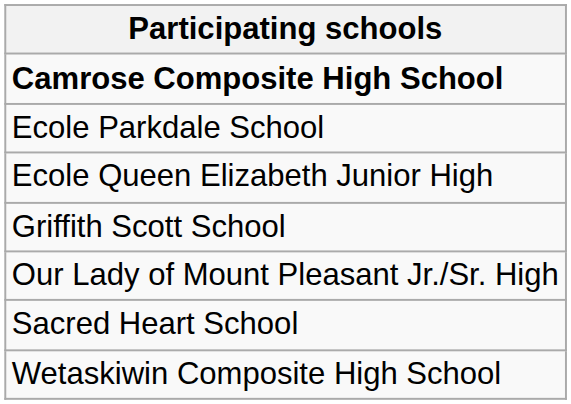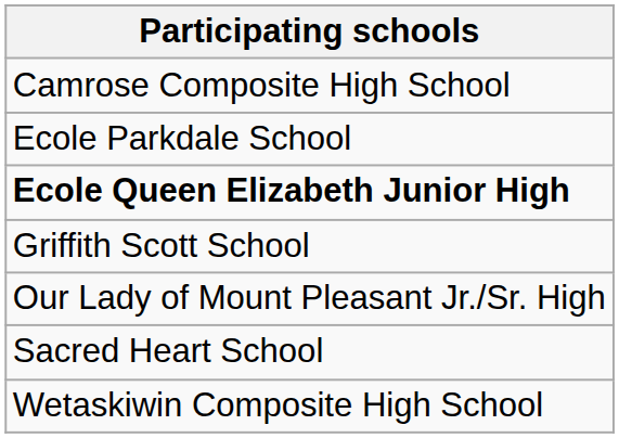 <table class="wikitable" align=right>
 <tr>
 <th>Participating schools</th>
 </tr>
 <tr>
-<td><strong>Camrose Composite High School</strong></td>
+<td>Camrose Composite High School</td>
 </tr>
 <tr>
 <td>Ecole Parkdale School</td>
 </tr>
 <tr>
-<td>Ecole Queen Elizabeth Junior High</td>
+<td><strong>Ecole Queen Elizabeth Junior High</strong></td>
 </tr>
 <tr>
 <td>Griffith Scott School</td>
 </tr>
 <tr>
 <td>Our Lady of Mount Pleasant Jr./Sr. High</td>
 </tr>
 <tr>
 <td>Sacred Heart School</td>
 </tr>
 <tr>
 <td>Wetaskiwin Composite High School</td>
 </tr>
 </table>
